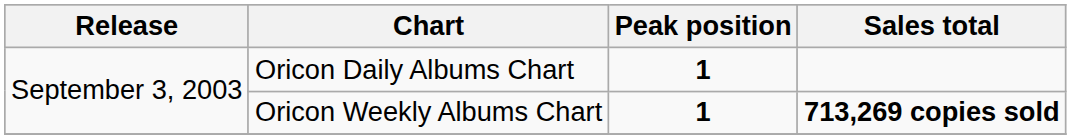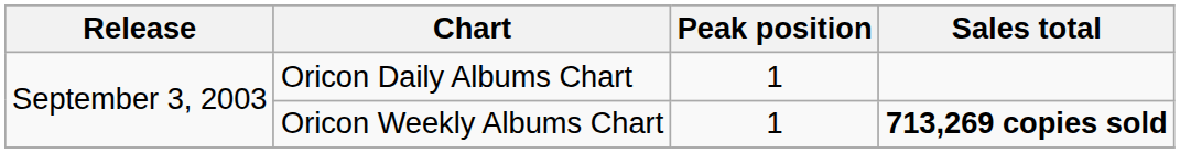 <table class="wikitable">
 <tr>
 <th>Release</th>
 <th>Chart</th>
 <th>Peak position</th>
 <th>Sales total</th>
 </tr>
 <tr>
 <td rowspan="2">September 3, 2003</td>
 <td>Oricon Daily Albums Chart</td>
-<td align="center"><strong>1</strong></td>
+<td align="center">1</td>
 <td></td>
 </tr>
 <tr>
 <td>Oricon Weekly Albums Chart</td>
-<td align="center"><strong>1</strong></td>
+<td align="center">1</td>
 <td><strong>713,269 copies sold</strong></td>
 </tr>
 <tr>
 </tr>
 </table>
